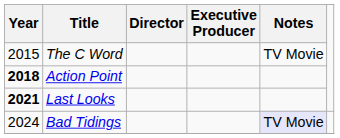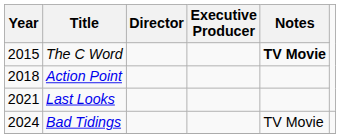 <table class="wikitable ">
 <tr>
 <th>Year</th>
 <th>Title</th>
 <th>Director</th>
 <th>Executive<br>Producer</th>
 <th>Notes</th>
 </tr>
 <tr>
 <td>2015</td>
 <td><em>The C Word</em></td>
 <td></td>
 <td></td>
-<td>TV Movie</td>
+<td><strong>TV Movie</strong></td>
 </tr>
 <tr>
-<td><strong>2018</strong></td>
+<td>2018</td>
 <td><em><a href='#'>Action Point</a></em> </td>
 <td></td>
 <td></td>
 <td></td>
 </tr>
 <tr>
-<td><strong>2021</strong></td>
+<td>2021</td>
 <td><em><a href='#'>Last Looks</a></em></td>
 <td></td>
 <td></td>
 <td></td>
 </tr>
 <tr>
 <td>2024</td>
 <td><em><a href='#'>Bad Tidings</a></em></td>
 <td></td>
 <td></td>
-<td style="background: lavender;">TV Movie</td>
+<td>TV Movie</td>
 <td></td>
 </tr>
 <tr>
 </tr>
 </table>
